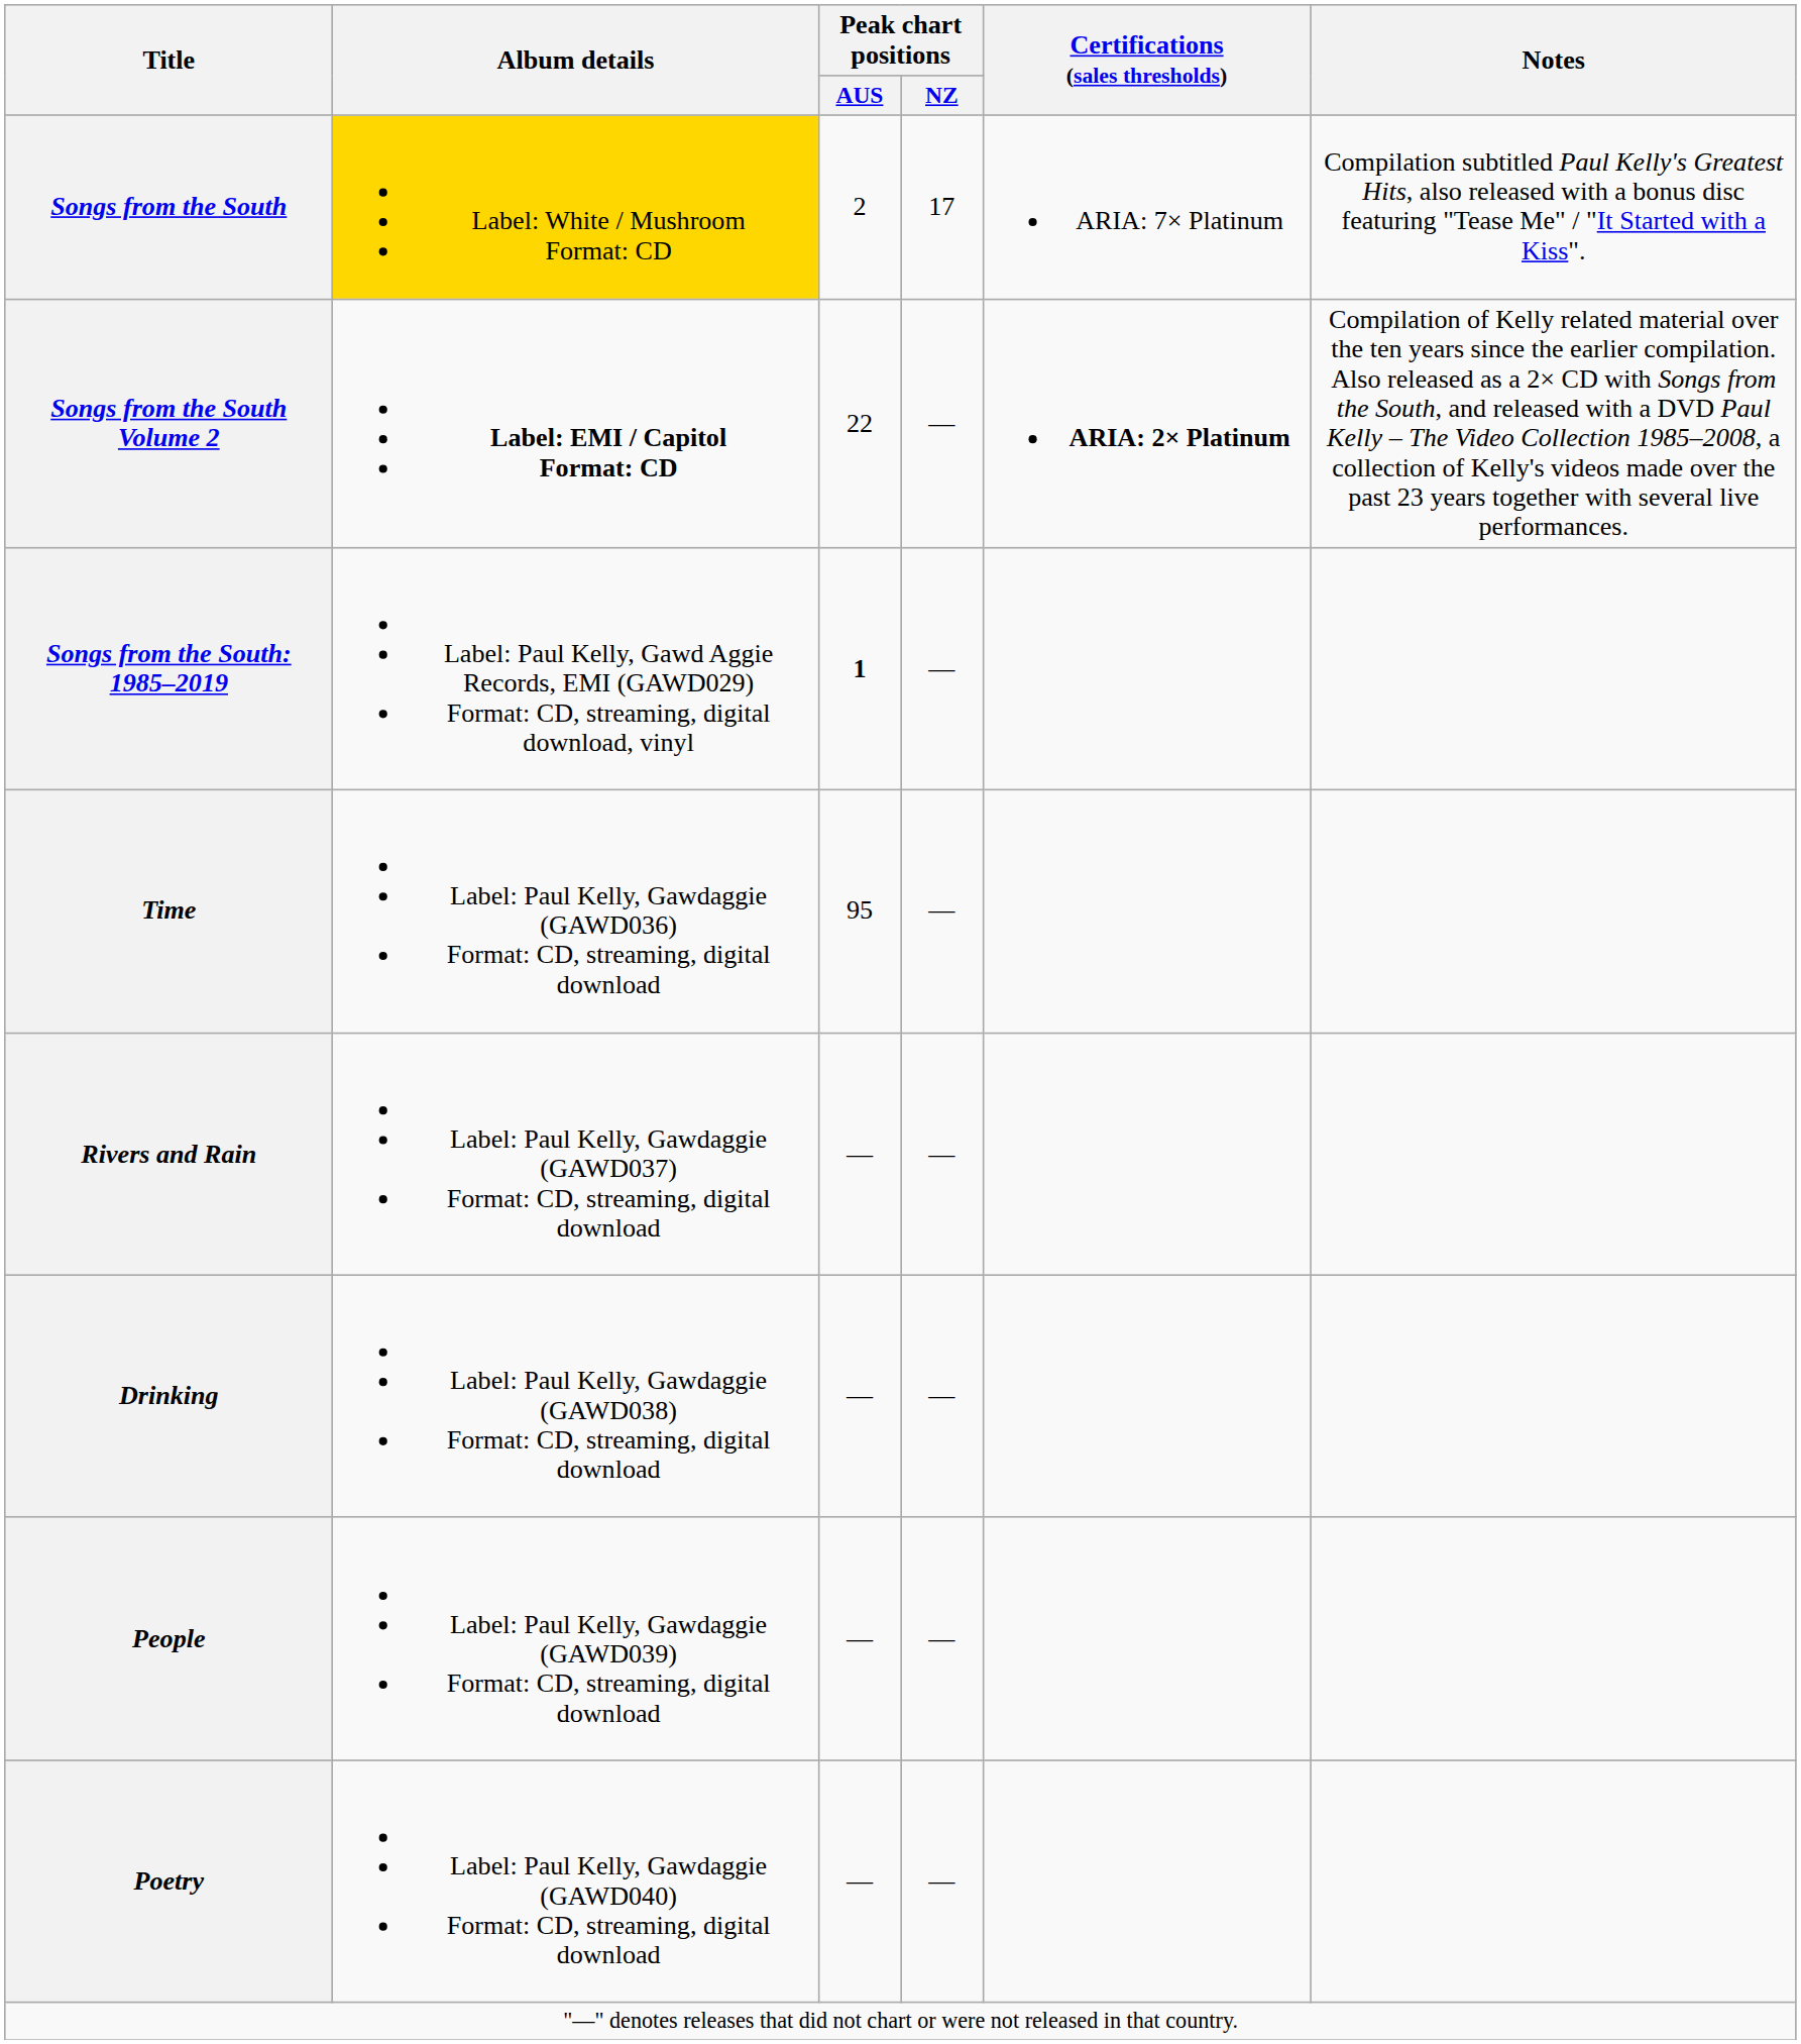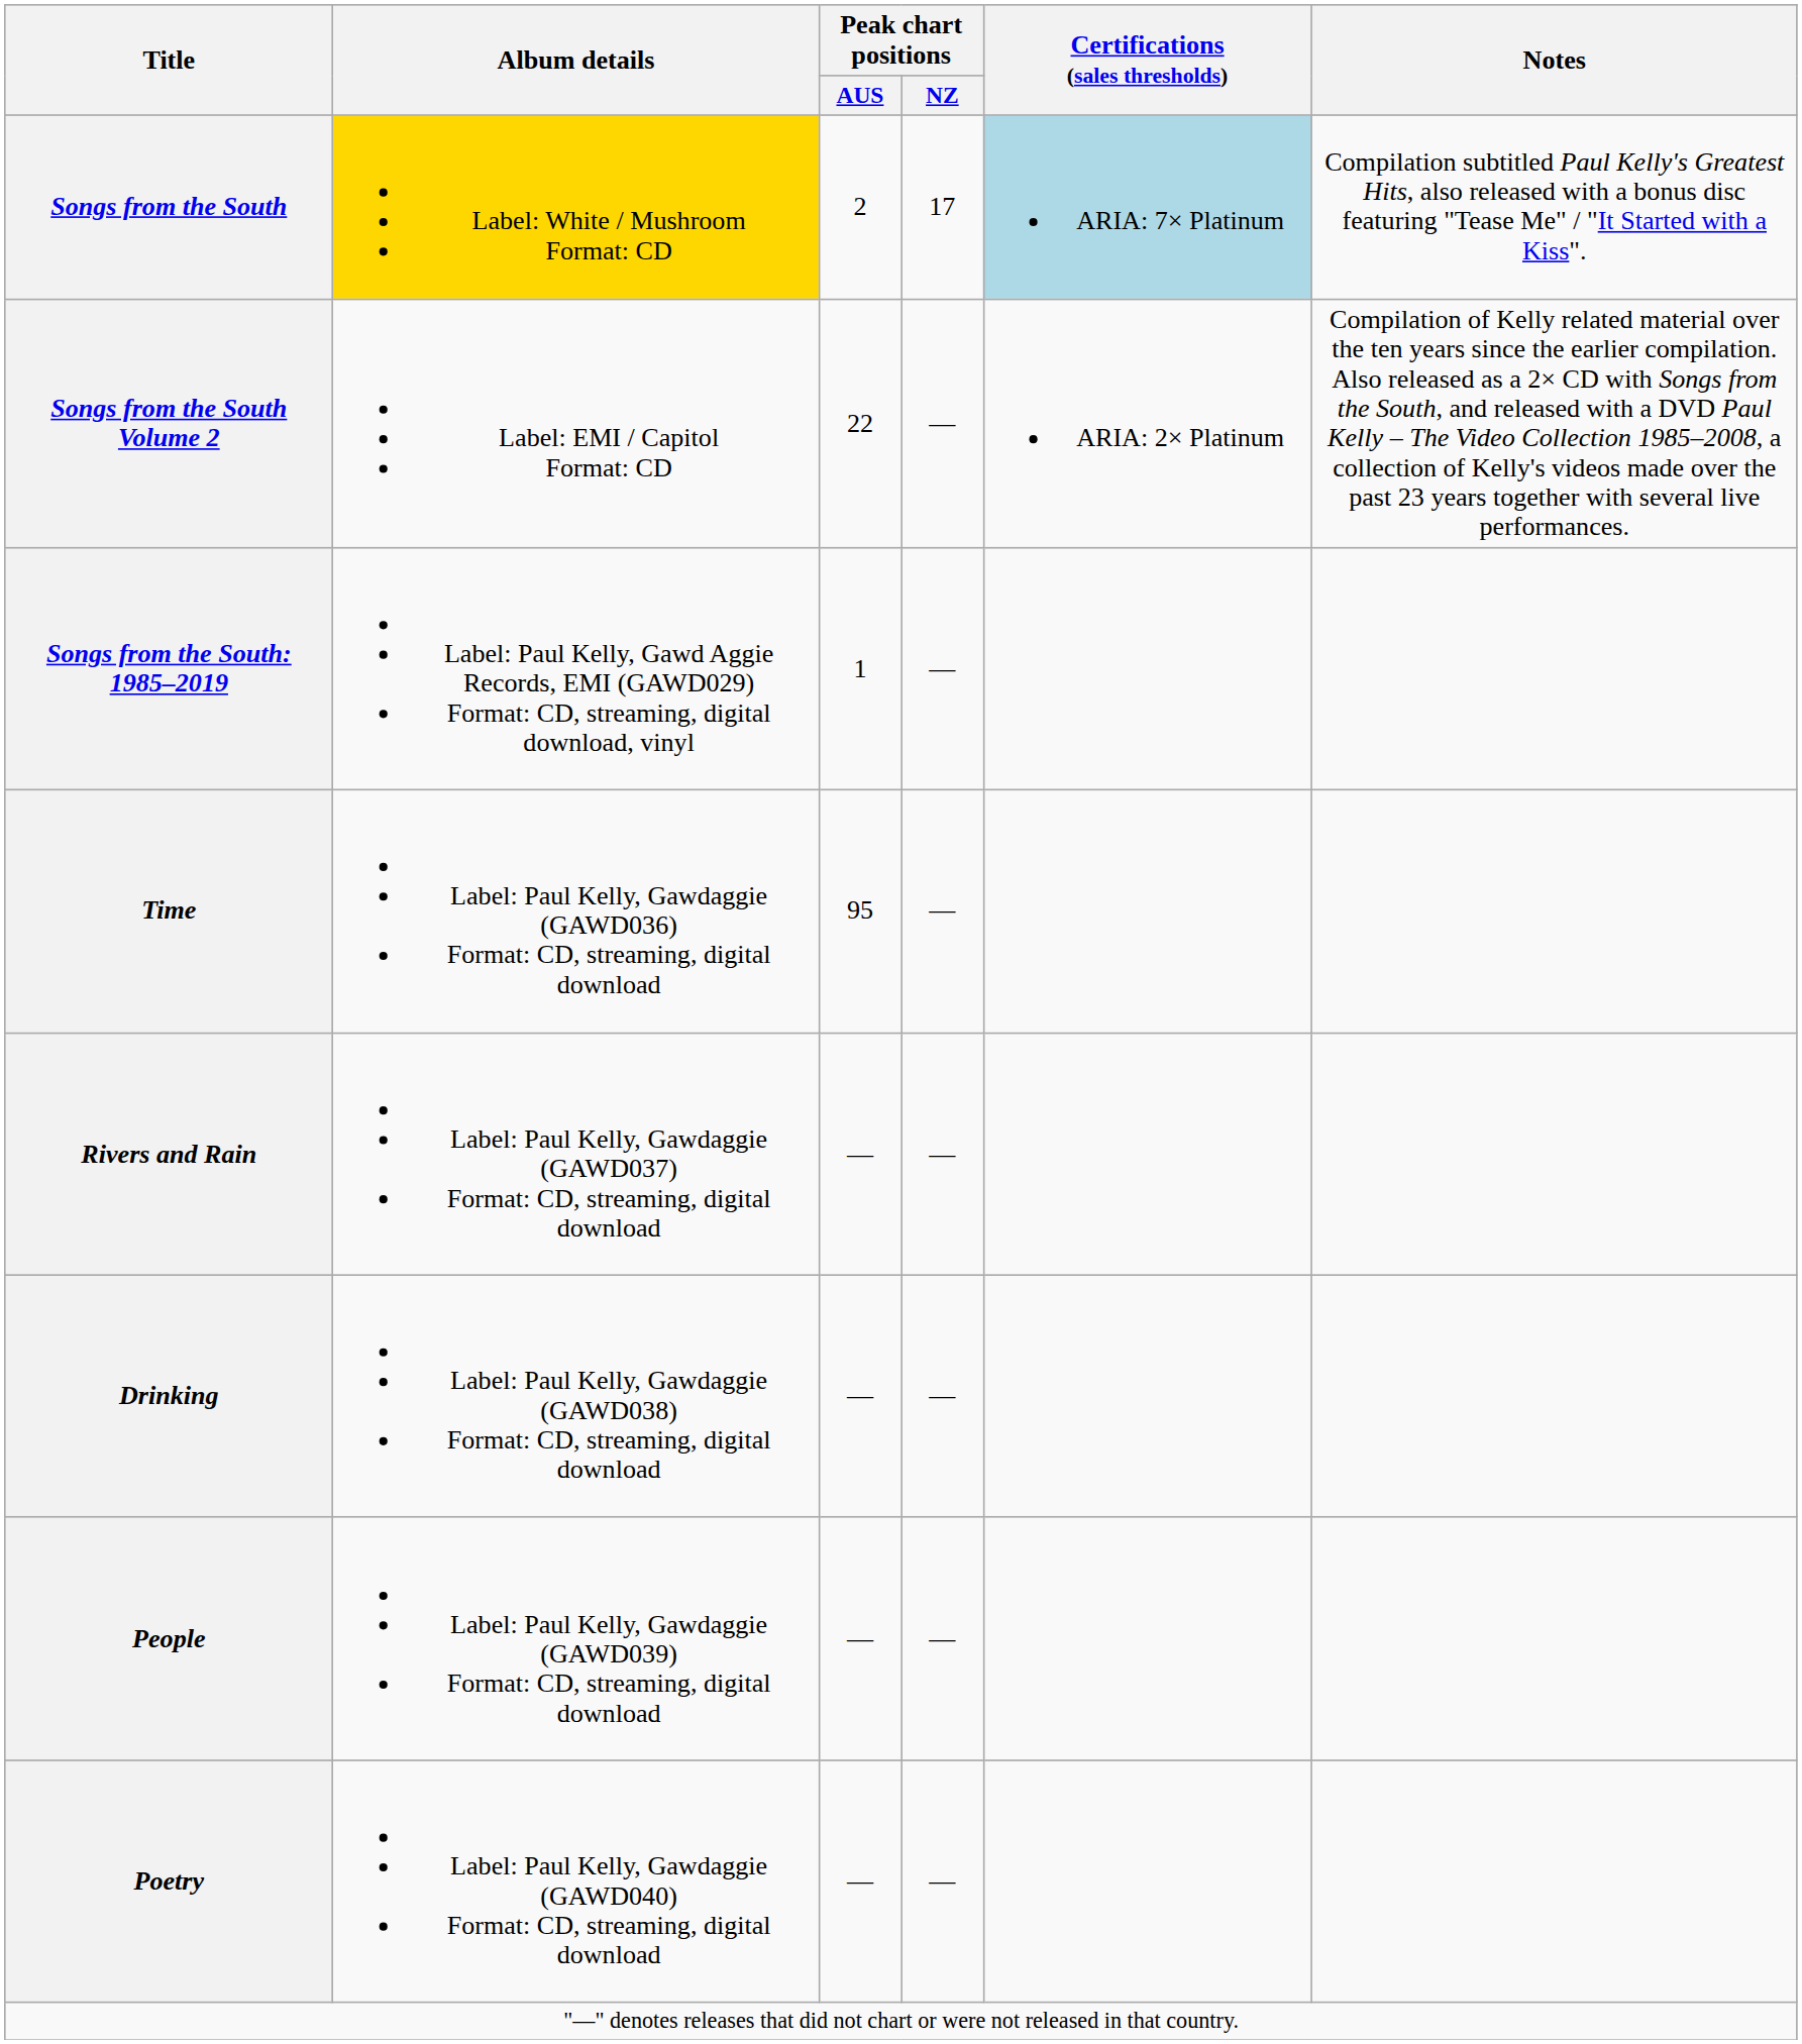 <table class="wikitable plainrowheaders" style="text-align:center;">
 <tr>
 <th scope="col" rowspan="2" style="width:12em;">Title</th>
 <th scope="col" rowspan="2" style="width:18em;">Album details</th>
 <th scope="col" colspan="2">Peak chart positions</th>
 <th scope="col" rowspan="2" style="width:12em;"><a href='#'>Certifications</a><br><small>(<a href='#'>sales thresholds</a>)</small></th>
 <th scope="col" rowspan="2" style="width:18em;">Notes</th>
 </tr>
 <tr>
 <th scope="col" style="width:3em;font-size:90%;"><a href='#'>AUS</a><br></th>
 <th scope="col" style="width:3em;font-size:90%;"><a href='#'>NZ</a><br></th>
 </tr>
 <tr>
 <th scope="row"><em><a href='#'>Songs from the South</a></em></th>
 <td style="background: gold;"><br><ul><li></li><li>Label: White / Mushroom</li><li>Format: CD</li></ul></td>
 <td style="text-align:center;">2</td>
 <td style="text-align:center;">17</td>
-<td><br><ul><li>ARIA: 7× Platinum</li></ul></td>
+<td style="background: lightblue;"><br><ul><li>ARIA: 7× Platinum</li></ul></td>
 <td>Compilation subtitled <em>Paul Kelly's Greatest Hits</em>, also released with a bonus disc featuring "Tease Me" / "<a href='#'>It Started with a Kiss</a>".</td>
 </tr>
 <tr>
 <th scope="row"><em><a href='#'>Songs from the South Volume 2</a></em></th>
-<td><strong><br><ul><li></li><li>Label: EMI / Capitol</li><li>Format: CD</li></ul></strong></td>
+<td><br><ul><li></li><li>Label: EMI / Capitol</li><li>Format: CD</li></ul></td>
 <td style="text-align:center;">22</td>
 <td style="text-align:center;">—</td>
-<td><strong><br><ul><li>ARIA: 2× Platinum</li></ul></strong></td>
+<td><br><ul><li>ARIA: 2× Platinum</li></ul></td>
 <td>Compilation of Kelly related material over the ten years since the earlier compilation. Also released as a 2× CD with <em>Songs from the South</em>, and released with a DVD <em>Paul Kelly – The Video Collection 1985–2008</em>, a collection of Kelly's videos made over the past 23 years together with several live performances.</td>
 </tr>
 <tr>
 <th scope="row"><em><a href='#'>Songs from the South: 1985–2019</a></em></th>
 <td><br><ul><li></li><li>Label: Paul Kelly, Gawd Aggie Records, EMI (GAWD029)</li><li>Format: CD, streaming, digital download, vinyl</li></ul></td>
-<td style="text-align:center;"><strong>1</strong></td>
+<td style="text-align:center;">1</td>
 <td style="text-align:center;">—</td>
 <td></td>
 <td></td>
 </tr>
 <tr>
 <th scope="row"><em>Time</em></th>
 <td><br><ul><li></li><li>Label: Paul Kelly, Gawdaggie (GAWD036)</li><li>Format: CD, streaming, digital download</li></ul></td>
 <td style="text-align:center;">95</td>
 <td style="text-align:center;">—</td>
 <td></td>
 <td></td>
 </tr>
 <tr>
 <th scope="row"><em>Rivers and Rain</em></th>
 <td><br><ul><li></li><li>Label: Paul Kelly, Gawdaggie (GAWD037)</li><li>Format: CD, streaming, digital download</li></ul></td>
 <td style="text-align:center;">—</td>
 <td style="text-align:center;">—</td>
 <td></td>
 <td></td>
 </tr>
 <tr>
 <th scope="row"><em>Drinking</em></th>
 <td><br><ul><li></li><li>Label: Paul Kelly, Gawdaggie (GAWD038)</li><li>Format: CD, streaming, digital download</li></ul></td>
 <td style="text-align:center;">—</td>
 <td style="text-align:center;">—</td>
 <td></td>
 <td></td>
 </tr>
 <tr>
 <th scope="row"><em>People</em></th>
 <td><br><ul><li></li><li>Label: Paul Kelly, Gawdaggie (GAWD039)</li><li>Format: CD, streaming, digital download</li></ul></td>
 <td style="text-align:center;">—</td>
 <td style="text-align:center;">—</td>
 <td></td>
 <td></td>
 </tr>
 <tr>
 <th scope="row"><em>Poetry</em></th>
 <td><br><ul><li></li><li>Label: Paul Kelly, Gawdaggie (GAWD040)</li><li>Format: CD, streaming, digital download</li></ul></td>
 <td style="text-align:center;">—</td>
 <td style="text-align:center;">—</td>
 <td></td>
 <td></td>
 </tr>
 <tr>
 <td colspan="6" style="text-align:center; font-size:85%;">"—" denotes releases that did not chart or were not released in that country.</td>
 </tr>
 </table>
